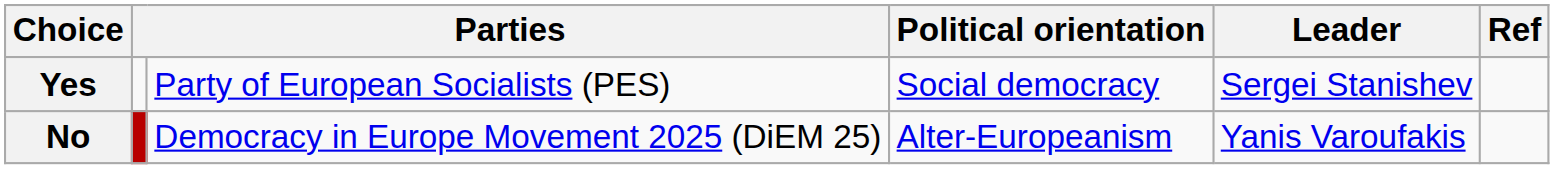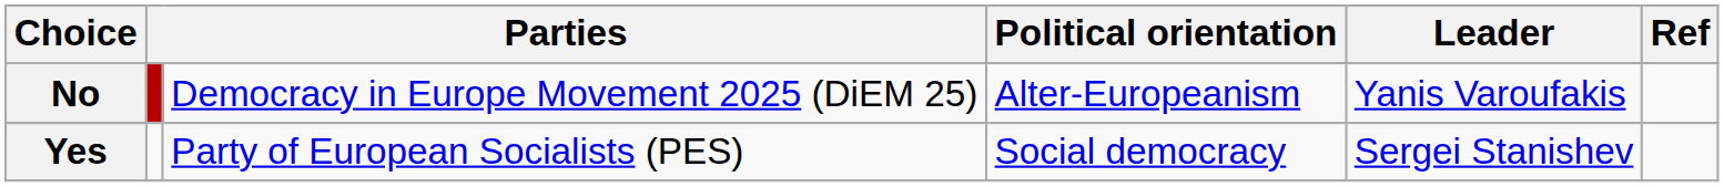 <table class="wikitable">
 <tr>
 <th>Choice</th>
 <th colspan=2>Parties</th>
 <th>Political orientation</th>
 <th>Leader</th>
 <th>Ref</th>
 </tr>
 <tr>
+<th> No</th>
+<td style="background:#b80000;"></td>
+<td><a href='#'>Democracy in Europe Movement 2025</a> (DiEM 25)</td>
+<td><a href='#'>Alter-Europeanism</a></td>
+<td><a href='#'>Yanis Varoufakis</a></td>
+<td></td>
+</tr>
+<tr>
 <th> Yes</th>
 <td style="background-color: "></td>
 <td><a href='#'>Party of European Socialists</a> (PES)</td>
 <td><a href='#'>Social democracy</a></td>
 <td><a href='#'>Sergei Stanishev</a></td>
 <td></td>
 </tr>
-<tr>
-<th> No</th>
-<td style="background:#b80000;"></td>
-<td><a href='#'>Democracy in Europe Movement 2025</a> (DiEM 25)</td>
-<td><a href='#'>Alter-Europeanism</a></td>
-<td><a href='#'>Yanis Varoufakis</a></td>
-<td></td>
-</tr>
 </table>
